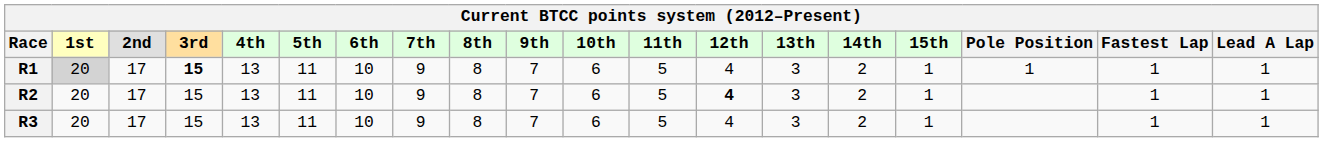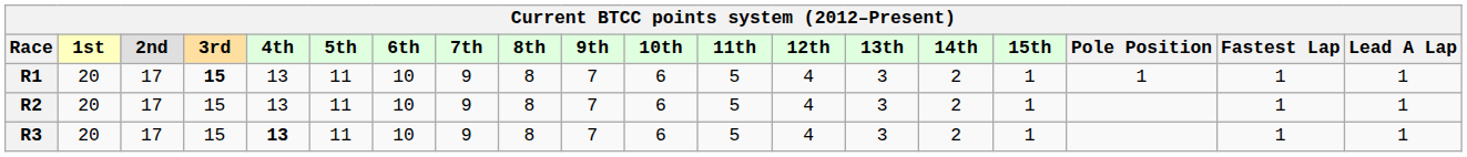 <table class="wikitable" style="font-size:95%; text-align:center">
 <tr>
 <th colspan="19">Current BTCC points system (2012–Present)</th>
 </tr>
 <tr>
 <th>Race</th>
 <td style="background:#ffffbf;"> <strong>1st</strong> </td>
 <td style="background:#dfdfdf;"> <strong>2nd</strong> </td>
 <td style="background:#ffdf9f;"> <strong>3rd</strong> </td>
 <td style="background:#dfffdf;"> <strong>4th</strong> </td>
 <td style="background:#dfffdf;"> <strong>5th</strong> </td>
 <td style="background:#dfffdf;"> <strong>6th</strong> </td>
 <td style="background:#dfffdf;"> <strong>7th</strong> </td>
 <td style="background:#dfffdf;"> <strong>8th</strong> </td>
 <td style="background:#dfffdf;"> <strong>9th</strong> </td>
 <td style="background:#dfffdf;"> <strong>10th</strong> </td>
 <td style="background:#dfffdf;"> <strong>11th</strong> </td>
 <td style="background:#dfffdf;"> <strong>12th</strong> </td>
 <td style="background:#dfffdf;"> <strong>13th</strong> </td>
 <td style="background:#dfffdf;"> <strong>14th</strong> </td>
 <td style="background:#dfffdf;"> <strong>15th</strong> </td>
 <th>Pole Position</th>
 <th>Fastest Lap</th>
 <th>Lead A Lap</th>
 </tr>
 <tr>
 <th>R1</th>
-<td style="background: lightgrey;">20</td>
+<td>20</td>
 <td>17</td>
 <td><strong>15</strong></td>
 <td>13</td>
 <td>11</td>
 <td>10</td>
 <td>9</td>
 <td>8</td>
 <td>7</td>
 <td>6</td>
 <td>5</td>
 <td>4</td>
 <td>3</td>
 <td>2</td>
 <td>1</td>
 <td>1</td>
 <td>1</td>
 <td>1</td>
 </tr>
 <tr>
 <th>R2</th>
 <td>20</td>
 <td>17</td>
 <td>15</td>
 <td>13</td>
 <td>11</td>
 <td>10</td>
 <td>9</td>
 <td>8</td>
 <td>7</td>
 <td>6</td>
 <td>5</td>
-<td><strong>4</strong></td>
+<td>4</td>
 <td>3</td>
 <td>2</td>
 <td>1</td>
 <td></td>
 <td>1</td>
 <td>1</td>
 </tr>
 <tr>
 <th>R3</th>
 <td>20</td>
 <td>17</td>
 <td>15</td>
-<td>13</td>
+<td><strong>13</strong></td>
 <td>11</td>
 <td>10</td>
 <td>9</td>
 <td>8</td>
 <td>7</td>
 <td>6</td>
 <td>5</td>
 <td>4</td>
 <td>3</td>
 <td>2</td>
 <td>1</td>
 <td></td>
 <td>1</td>
 <td>1</td>
 </tr>
 </table>
